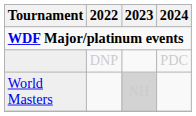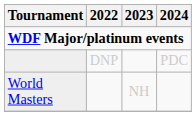 <table class="wikitable" style="width:20%; margin:0">
 <tr>
 <th>Tournament</th>
 <th>2022</th>
 <th>2023</th>
 <th>2024</th>
 </tr>
 <tr>
 <td colspan="10" style="text-align:left"><strong><a href='#'>WDF</a> Major/platinum events</strong></td>
 </tr>
 <tr>
 <td style="background:#efefef;"></td>
 <td style="text-align:center; color:#ccc;">DNP</td>
 <td></td>
 <td style="text-align:center; color:#ccc;">PDC</td>
 </tr>
 <tr>
 <td style="background:#efefef;"><a href='#'>World Masters</a></td>
 <td></td>
-<td style="background: lightgrey; text-align:center; color:#ccc;">NH</td>
+<td style="text-align:center; color:#ccc;">NH</td>
 <td></td>
 </tr>
 <tr>
 </tr>
 </table>
